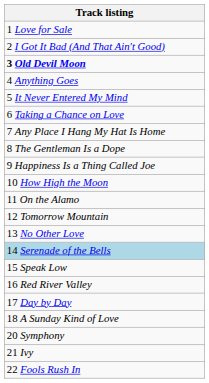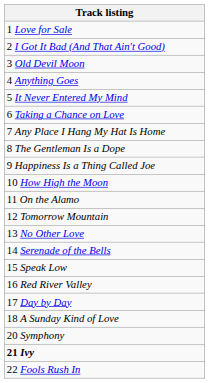 <table class="wikitable collapsible collapsed" style="width:300px;">
 <tr>
 <th>Track listing</th>
 </tr>
 <tr>
 <td>1 <em><a href='#'>Love for Sale</a></em></td>
 </tr>
 <tr>
 <td>2 <em><a href='#'>I Got It Bad (And That Ain't Good)</a></em></td>
 </tr>
 <tr>
-<td><strong>3 <em><a href='#'>Old Devil Moon</a></em></strong></td>
+<td>3 <em><a href='#'>Old Devil Moon</a></em></td>
 </tr>
 <tr>
 <td>4 <em><a href='#'>Anything Goes</a></em></td>
 </tr>
 <tr>
 <td>5 <em><a href='#'>It Never Entered My Mind</a></em></td>
 </tr>
 <tr>
 <td>6 <em><a href='#'>Taking a Chance on Love</a></em></td>
 </tr>
 <tr>
 <td>7 <em>Any Place I Hang My Hat Is Home</em></td>
 </tr>
 <tr>
 <td>8 <em>The Gentleman Is a Dope</em></td>
 </tr>
 <tr>
 <td>9 <em>Happiness Is a Thing Called Joe</em></td>
 </tr>
 <tr>
 <td>10 <em><a href='#'>How High the Moon</a></em></td>
 </tr>
 <tr>
 <td>11 <em>On the Alamo</em></td>
 </tr>
 <tr>
 <td>12 <em>Tomorrow Mountain</em></td>
 </tr>
 <tr>
 <td>13 <em><a href='#'>No Other Love</a></em></td>
 </tr>
 <tr>
-<td style="background: lightblue;">14 <em><a href='#'>Serenade of the Bells</a></em></td>
+<td>14 <em><a href='#'>Serenade of the Bells</a></em></td>
 </tr>
 <tr>
 <td>15<em> Speak Low</em></td>
 </tr>
 <tr>
 <td>16 <em>Red River Valley</em></td>
 </tr>
 <tr>
 <td>17 <em><a href='#'>Day by Day</a></em></td>
 </tr>
 <tr>
 <td>18 <em>A Sunday Kind of Love</em></td>
 </tr>
 <tr>
 <td>20 <em>Symphony</em></td>
 </tr>
 <tr>
-<td>21 <em>Ivy</em></td>
+<td><strong>21 <em>Ivy</em></strong></td>
 </tr>
 <tr>
 <td>22 <em><a href='#'>Fools Rush In</a></em></td>
 </tr>
 </table>
